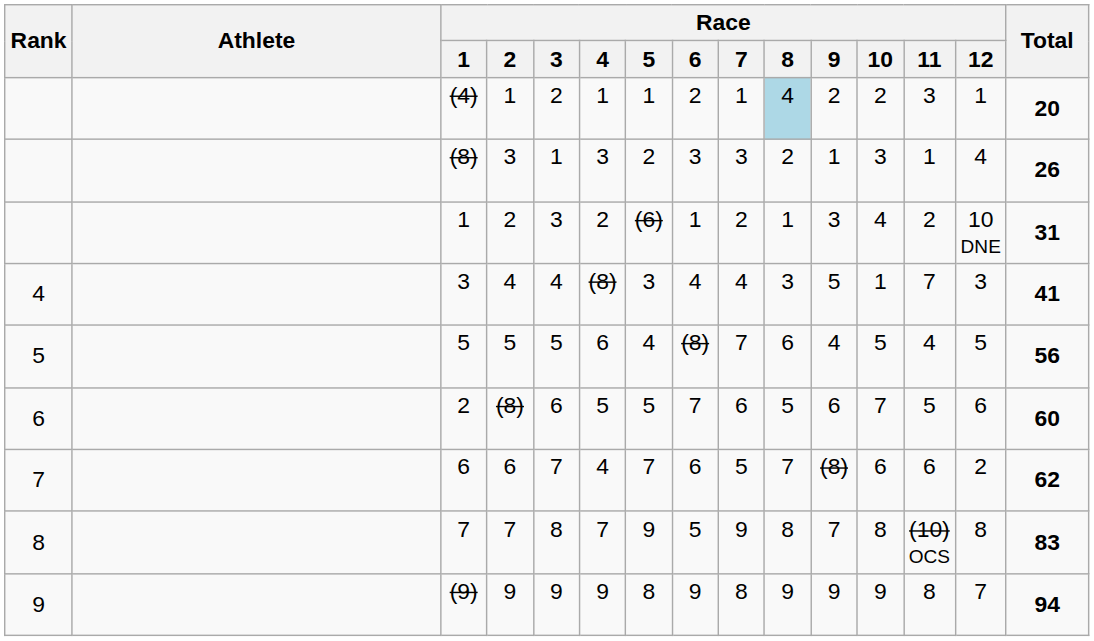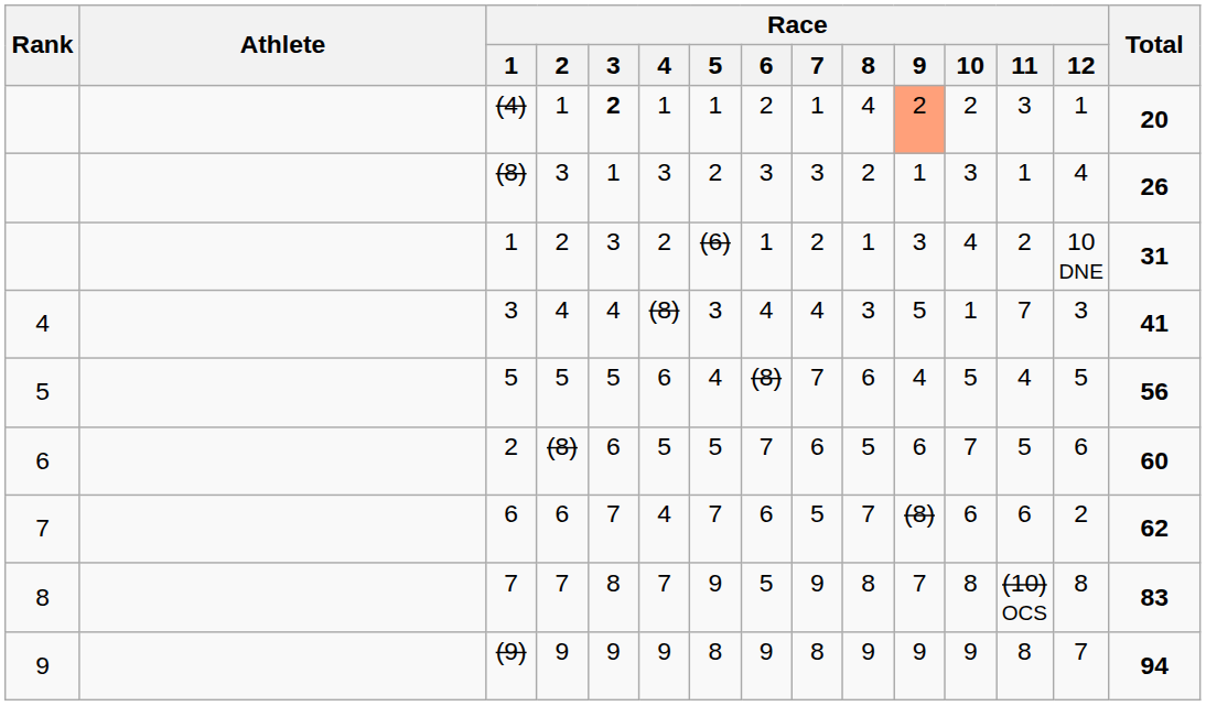 <table | class="wikitable" style="text-align:center">
 <tr>
 <th rowspan="2" width=40>Rank</th>
 <th rowspan="2" width=250>Athlete</th>
 <th colspan="12">Race</th>
 <th rowspan="2" width=50>Total</th>
 </tr>
 <tr>
 <th width=25>1</th>
 <th width=25>2</th>
 <th width=25>3</th>
 <th width=25>4</th>
 <th width=25>5</th>
 <th width=25>6</th>
 <th width=25>7</th>
 <th width=25>8</th>
 <th width=25>9</th>
 <th width=25>10</th>
 <th width=25>11</th>
 <th width=25>12</th>
 </tr>
 <tr>
 <td></td>
 <td align=left></td>
 <td><s>(4)</s><br> </td>
 <td>1<br> </td>
-<td>2<br> </td>
+<td><strong>2<br> </strong></td>
 <td>1<br> </td>
 <td>1<br> </td>
 <td>2<br> </td>
 <td>1<br> </td>
-<td style="background: lightblue;">4<br> </td>
-<td>2<br> </td>
+<td>4<br> </td>
+<td style="background: lightsalmon;">2<br> </td>
 <td>2<br> </td>
 <td>3<br> </td>
 <td>1<br> </td>
 <td><strong>20</strong></td>
 </tr>
 <tr>
 <td></td>
 <td align=left></td>
 <td><s>(8)</s><br> </td>
 <td>3<br> </td>
 <td>1<br> </td>
 <td>3<br> </td>
 <td>2<br> </td>
 <td>3<br> </td>
 <td>3<br> </td>
 <td>2<br> </td>
 <td>1<br> </td>
 <td>3<br> </td>
 <td>1<br> </td>
 <td>4<br> </td>
 <td><strong>26</strong></td>
 </tr>
 <tr>
 <td></td>
 <td align=left></td>
 <td>1<br> </td>
 <td>2<br> </td>
 <td>3<br> </td>
 <td>2<br> </td>
 <td><s>(6)</s><br> </td>
 <td>1<br> </td>
 <td>2<br> </td>
 <td>1<br> </td>
 <td>3<br> </td>
 <td>4<br> </td>
 <td>2<br> </td>
 <td>10<br><small>DNE</small></td>
 <td><strong>31</strong></td>
 </tr>
 <tr>
 <td>4</td>
 <td align=left></td>
 <td>3<br> </td>
 <td>4<br> </td>
 <td>4<br> </td>
 <td><s>(8)</s><br> </td>
 <td>3<br> </td>
 <td>4<br> </td>
 <td>4<br> </td>
 <td>3<br> </td>
 <td>5<br> </td>
 <td>1<br> </td>
 <td>7<br> </td>
 <td>3<br> </td>
 <td><strong>41</strong></td>
 </tr>
 <tr>
 <td>5</td>
 <td align=left></td>
 <td>5<br> </td>
 <td>5<br> </td>
 <td>5<br> </td>
 <td>6<br> </td>
 <td>4<br> </td>
 <td><s>(8)</s><br> </td>
 <td>7<br> </td>
 <td>6<br> </td>
 <td>4<br> </td>
 <td>5<br> </td>
 <td>4<br> </td>
 <td>5<br> </td>
 <td><strong>56</strong></td>
 </tr>
 <tr>
 <td>6</td>
 <td align=left></td>
 <td>2<br> </td>
 <td><s>(8)</s><br> </td>
 <td>6<br> </td>
 <td>5<br> </td>
 <td>5<br> </td>
 <td>7<br> </td>
 <td>6<br> </td>
 <td>5<br> </td>
 <td>6<br> </td>
 <td>7<br> </td>
 <td>5<br> </td>
 <td>6<br> </td>
 <td><strong>60</strong></td>
 </tr>
 <tr>
 <td>7</td>
 <td align=left></td>
 <td>6<br> </td>
 <td>6<br> </td>
 <td>7<br> </td>
 <td>4<br> </td>
 <td>7<br> </td>
 <td>6<br> </td>
 <td>5<br> </td>
 <td>7<br> </td>
 <td><s>(8)</s><br> </td>
 <td>6<br> </td>
 <td>6<br> </td>
 <td>2<br> </td>
 <td><strong>62</strong></td>
 </tr>
 <tr>
 <td>8</td>
 <td align=left></td>
 <td>7<br> </td>
 <td>7<br> </td>
 <td>8<br> </td>
 <td>7<br> </td>
 <td>9<br> </td>
 <td>5<br> </td>
 <td>9<br> </td>
 <td>8<br> </td>
 <td>7<br> </td>
 <td>8<br> </td>
 <td><s>(10)</s><br><small>OCS</small></td>
 <td>8<br> </td>
 <td><strong>83</strong></td>
 </tr>
 <tr>
 <td>9</td>
 <td align=left></td>
 <td><s>(9)</s><br> </td>
 <td>9<br> </td>
 <td>9<br> </td>
 <td>9<br> </td>
 <td>8<br> </td>
 <td>9<br> </td>
 <td>8<br> </td>
 <td>9<br> </td>
 <td>9<br> </td>
 <td>9<br> </td>
 <td>8<br> </td>
 <td>7<br> </td>
 <td><strong>94</strong></td>
 </tr>
 </table>
